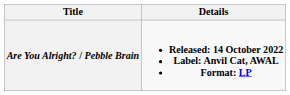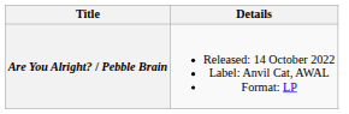 <table class="wikitable plainrowheaders" style="text-align:center;">
 <tr>
 <th scope="col">Title</th>
 <th scope="col">Details</th>
 </tr>
 <tr>
 <th scope="row"><em>Are You Alright?</em> / <em>Pebble Brain</em></th>
-<td><strong><br><ul><li>Released: 14 October 2022</li><li>Label: Anvil Cat, AWAL</li><li>Format: <a href='#'>LP</a></li></ul></strong></td>
+<td><br><ul><li>Released: 14 October 2022</li><li>Label: Anvil Cat, AWAL</li><li>Format: <a href='#'>LP</a></li></ul></td>
 </tr>
 </table>
